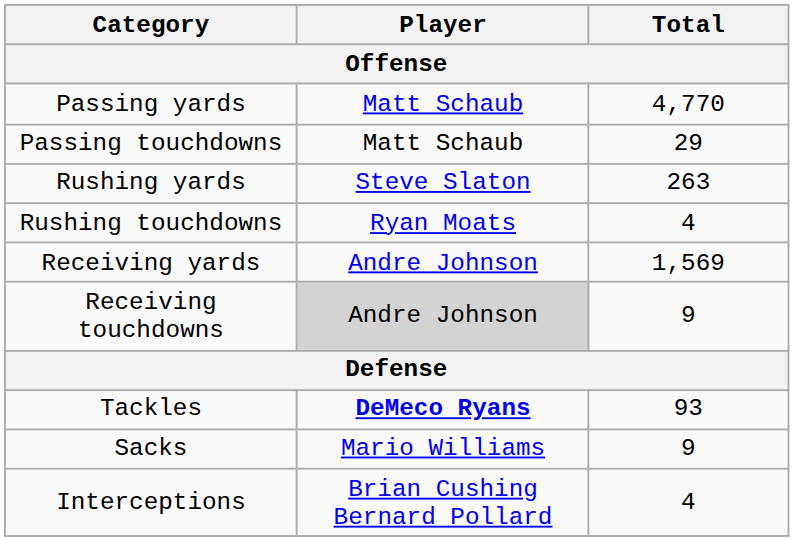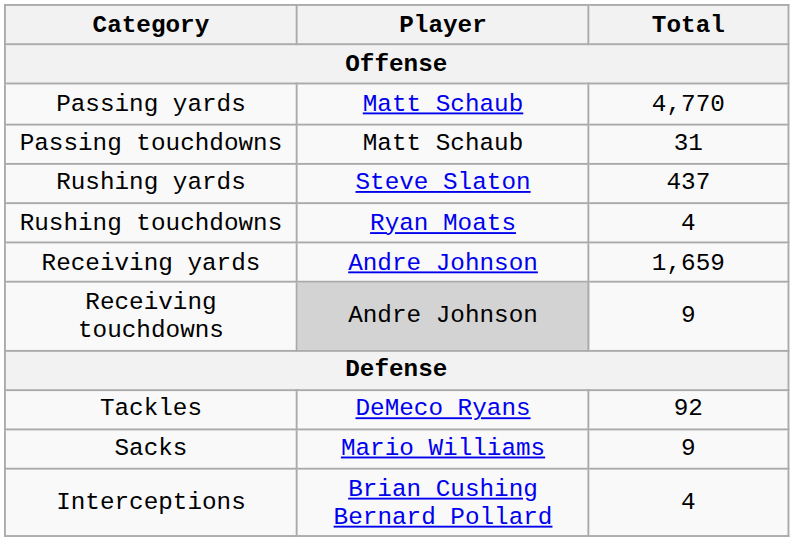 <table class="wikitable" style="text-align:center">
 <tr>
 <th width="150">Category</th>
 <th width="150">Player</th>
 <th width="100">Total</th>
 </tr>
 <tr>
 <th align="center" colspan="4">Offense</th>
 </tr>
 <tr>
 <td>Passing yards</td>
 <td><a href='#'>Matt Schaub</a></td>
 <td>4,770</td>
 </tr>
 <tr>
 <td>Passing touchdowns</td>
 <td>Matt Schaub</td>
-<td>29</td>
+<td>31</td>
 </tr>
 <tr>
 <td>Rushing yards</td>
 <td><a href='#'>Steve Slaton</a></td>
-<td>263</td>
+<td>437</td>
 </tr>
 <tr>
 <td>Rushing touchdowns</td>
 <td><a href='#'>Ryan Moats</a></td>
 <td>4</td>
 </tr>
 <tr>
 <td>Receiving yards</td>
 <td><a href='#'>Andre Johnson</a></td>
-<td>1,569</td>
+<td>1,659</td>
 </tr>
 <tr>
 <td>Receiving touchdowns</td>
 <td style="background: lightgrey;">Andre Johnson</td>
 <td>9</td>
 </tr>
 <tr>
 <th align="center" colspan="4">Defense</th>
 </tr>
 <tr>
 <td>Tackles </td>
-<td><strong><a href='#'>DeMeco Ryans</a></strong></td>
-<td>93</td>
+<td><a href='#'>DeMeco Ryans</a></td>
+<td>92</td>
 </tr>
 <tr>
 <td>Sacks</td>
 <td><a href='#'>Mario Williams</a></td>
 <td>9</td>
 </tr>
 <tr>
 <td>Interceptions</td>
 <td><a href='#'>Brian Cushing</a><br><a href='#'>Bernard Pollard</a></td>
 <td>4</td>
 </tr>
 </table>
